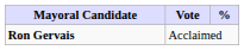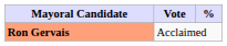 <table class="wikitable">
 <tr>
 <th style="background:#ddf; width:200px;">Mayoral Candidate</th>
 <th style="background:#ddf; width:50px;">Vote</th>
 <th style="background:#ddf; width:30px;">%</th>
 </tr>
 <tr>
-<td><strong>Ron Gervais</strong></td>
+<td style="background: lightsalmon;"><strong>Ron Gervais</strong></td>
 <td colspan="2">Acclaimed</td>
 </tr>
 </table>
